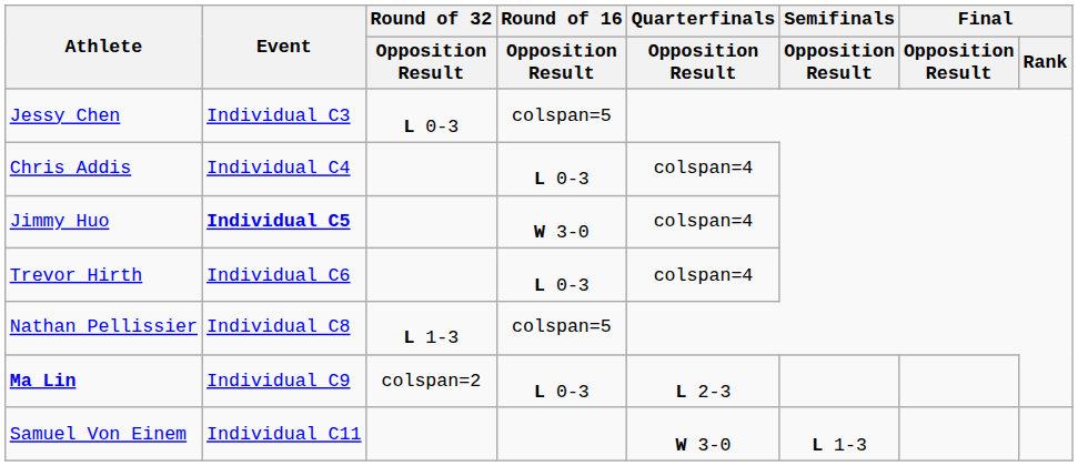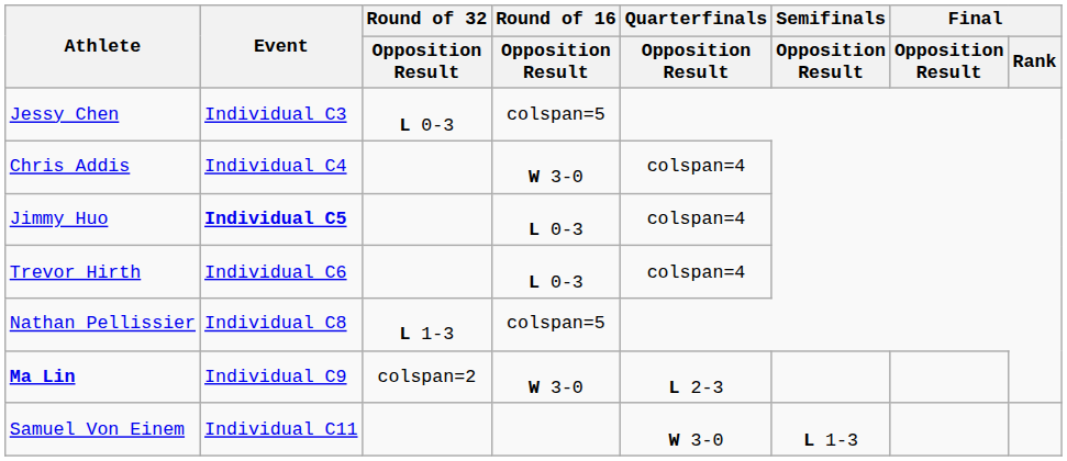 <table class=wikitable style="font-size:90%">
 <tr>
 <th rowspan="2">Athlete</th>
 <th rowspan="2">Event</th>
 <th>Round of 32</th>
 <th>Round of 16</th>
 <th>Quarterfinals</th>
 <th>Semifinals</th>
 <th colspan="2">Final</th>
 </tr>
 <tr>
 <th>Opposition<br>Result</th>
 <th>Opposition<br>Result</th>
 <th>Opposition<br>Result</th>
 <th>Opposition<br>Result</th>
 <th>Opposition<br>Result</th>
 <th>Rank</th>
 </tr>
 <tr align=center>
 <td align=left><a href='#'>Jessy Chen</a></td>
 <td align=left><a href='#'>Individual C3</a></td>
 <td><br> <strong>L</strong> 0-3</td>
 <td>colspan=5 </td>
 </tr>
 <tr align=center>
 <td align=left><a href='#'>Chris Addis</a></td>
 <td align=left><a href='#'>Individual C4</a></td>
 <td></td>
-<td><br> <strong>L</strong> 0-3</td>
+<td><br><strong>W</strong> 3-0</td>
 <td>colspan=4 </td>
 </tr>
 <tr align=center>
 <td align=left><a href='#'>Jimmy Huo</a></td>
 <td align=left><strong><a href='#'>Individual C5</a></strong></td>
 <td></td>
-<td><br><strong>W</strong> 3-0</td>
+<td><br><strong>L</strong> 0-3</td>
 <td>colspan=4 </td>
 </tr>
 <tr align=center>
 <td align=left><a href='#'>Trevor Hirth</a></td>
 <td align=left><a href='#'>Individual C6</a></td>
 <td></td>
 <td><br><strong>L</strong> 0-3</td>
 <td>colspan=4 </td>
 </tr>
 <tr align=center>
 <td align=left><a href='#'>Nathan Pellissier</a></td>
 <td align=left><a href='#'>Individual C8</a></td>
 <td><br><strong>L</strong> 1-3</td>
 <td>colspan=5 </td>
 </tr>
 <tr align=center>
 <td align=left><strong><a href='#'>Ma Lin</a></strong></td>
 <td align=left><a href='#'>Individual C9</a></td>
 <td>colspan=2 </td>
-<td><br><strong>L</strong> 0-3</td>
+<td><br><strong>W</strong> 3-0</td>
 <td><br><strong>L</strong> 2-3</td>
 <td></td>
 <td></td>
 </tr>
 <tr align=center>
 <td align=left><a href='#'>Samuel Von Einem</a></td>
 <td align=left><a href='#'>Individual C11</a></td>
 <td></td>
 <td></td>
 <td><br><strong>W</strong> 3-0</td>
 <td><br><strong>L</strong> 1-3</td>
 <td></td>
 <td></td>
 </tr>
 </table>
